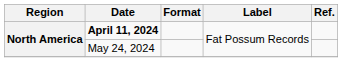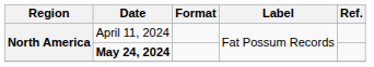 <table class="wikitable plainrowheaders">
 <tr>
 <th scope="col">Region</th>
 <th scope="col">Date</th>
 <th scope="col">Format</th>
 <th scope="col">Label</th>
 <th scope="col">Ref.</th>
 </tr>
 <tr>
 <th scope="row" rowspan="2">North America</th>
-<td><strong>April 11, 2024</strong></td>
+<td>April 11, 2024</td>
 <td></td>
 <td rowspan="2">Fat Possum Records</td>
 <td></td>
 </tr>
 <tr>
-<td>May 24, 2024</td>
+<td><strong>May 24, 2024</strong></td>
 <td></td>
 <td></td>
 </tr>
 <tr>
 </tr>
 </table>
